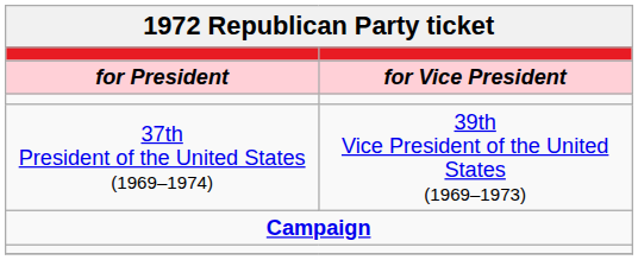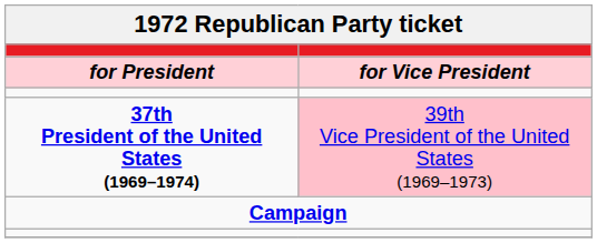 <table class="wikitable" style="font-size:90%; text-align:center;">
 <tr>
 <td style="background:#f1f1f1;" colspan="30"><big> <strong>1972 Republican Party ticket</strong></big></td>
 </tr>
 <tr>
 <th style="width:3em; font-size:135%; background:#E81B23; width:200px;"><a href='#'></a></th>
 <th style="width:3em; font-size:135%; background:#E81B23; width:200px;"><a href='#'></a></th>
 </tr>
 <tr style="color:#000; font-size:100%; background:#ffd0d7;">
 <td style="width:3em; width:200px;"><strong><em>for President</em></strong></td>
 <td style="width:3em; width:200px;"><strong><em>for Vice President</em></strong></td>
 </tr>
 <tr>
 <td></td>
 <td></td>
 </tr>
 <tr>
-<td><a href='#'>37th</a><br><a href='#'>President of the United States</a><br><small>(1969–1974)</small></td>
-<td><a href='#'>39th</a><br><a href='#'>Vice President of the United States</a><br><small>(1969–1973)</small></td>
+<td><strong><a href='#'>37th</a><br><a href='#'>President of the United States</a><br><small>(1969–1974)</small></strong></td>
+<td style="background: pink;"><a href='#'>39th</a><br><a href='#'>Vice President of the United States</a><br><small>(1969–1973)</small></td>
 </tr>
 <tr>
 <td colspan=2><a href='#'><strong>Campaign</strong></a></td>
 </tr>
 <tr>
 <td colspan=2></td>
 </tr>
 <tr>
 </tr>
 </table>
